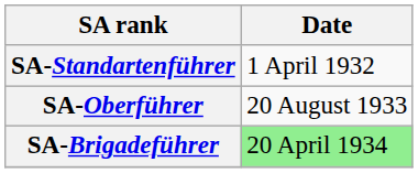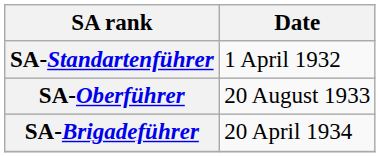 <table class="wikitable plainrowheaders">
 <tr>
 <th scope="col">SA rank</th>
 <th scope="col">Date</th>
 </tr>
 <tr>
 <th scope="row">SA-<em><a href='#'>Standartenführer</a></em></th>
 <td>1 April 1932</td>
 </tr>
 <tr>
 <th scope="row">SA-<em><a href='#'>Oberführer</a></em></th>
 <td>20 August 1933</td>
 </tr>
 <tr>
 <th scope="row">SA-<em><a href='#'>Brigadeführer</a></em></th>
-<td style="background: lightgreen;">20 April 1934</td>
+<td>20 April 1934</td>
 </tr>
 <tr>
 </tr>
 </table>
